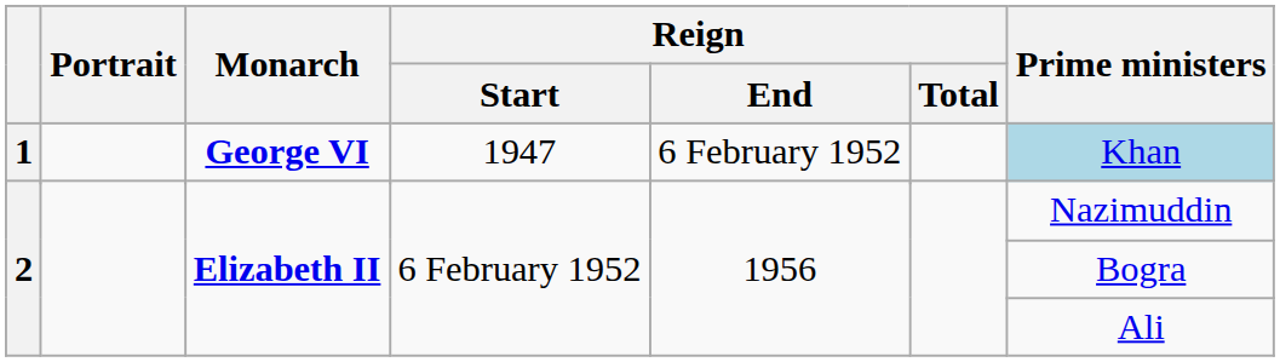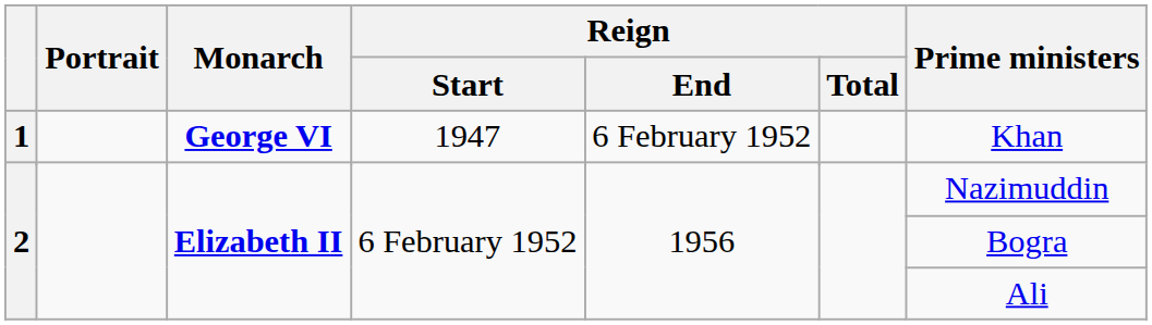 <table class="wikitable" style="text-align:center;">
 <tr>
 <th rowspan="2"></th>
 <th rowspan="2">Portrait</th>
 <th rowspan="2">Monarch<br></th>
 <th colspan="3">Reign</th>
 <th rowspan="2">Prime ministers</th>
 </tr>
 <tr>
 <th>Start</th>
 <th>End</th>
 <th>Total</th>
 </tr>
 <tr>
 <th rowspan="2">1</th>
 <td rowspan="2"></td>
 <td rowspan="2" scope="row"><strong><a href='#'>George VI</a></strong><br></td>
 <td rowspan="2"> 1947</td>
 <td rowspan="2">6 February 1952</td>
 <td rowspan="2"></td>
-<td style="background: lightblue;"><a href='#'>Khan</a></td>
+<td><a href='#'>Khan</a></td>
 </tr>
 <tr>
 <td rowspan="2"><a href='#'>Nazimuddin</a></td>
 </tr>
 <tr>
 <th rowspan="3">2</th>
 <td rowspan="3"></td>
 <td rowspan="3" scope="row"><strong><a href='#'>Elizabeth II</a></strong><br></td>
 <td rowspan="3">6 February 1952</td>
 <td rowspan="3"> 1956</td>
 <td rowspan="3"></td>
 </tr>
 <tr>
 <td><a href='#'>Bogra</a></td>
 </tr>
 <tr>
 <td><a href='#'>Ali</a></td>
 </tr>
 </table>
